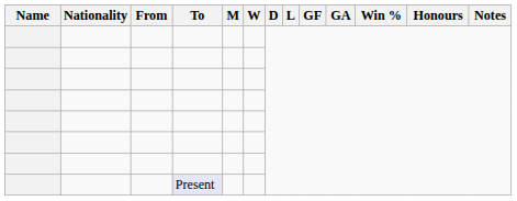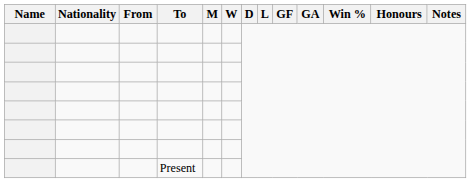 <table class="wikitable plainrowheaders sortable" style="text-align:center">
 <tr>
 <th width=11%>Name</th>
 <th width=11%>Nationality</th>
 <th>From</th>
 <th>To</th>
 <th>M</th>
 <th>W</th>
 <th>D</th>
 <th>L</th>
 <th>GF</th>
 <th>GA</th>
 <th>Win %</th>
 <th class="unsortable">Honours</th>
 <th class="unsortable">Notes</th>
 </tr>
 <tr>
 <th scope=row style=text-align:left></th>
 <td align=left></td>
 <td align=left></td>
 <td align=left><br></td>
 <td></td>
 <td></td>
 </tr>
 <tr>
 <th scope=row style=text-align:left></th>
 <td align=left></td>
 <td align=left></td>
 <td align=left><br></td>
 <td></td>
 <td></td>
 </tr>
 <tr>
 <th scope=row style=text-align:left></th>
 <td align=left></td>
 <td align=left></td>
 <td align=left><br></td>
 <td></td>
 <td></td>
 </tr>
 <tr>
 <th scope=row style=text-align:left></th>
 <td align=left></td>
 <td align=left></td>
 <td align=left><br></td>
 <td></td>
 <td></td>
 </tr>
 <tr>
 <th scope=row style=text-align:left></th>
 <td align=left></td>
 <td align=left></td>
 <td align=left><br></td>
 <td></td>
 <td></td>
 </tr>
 <tr>
 <th scope=row style=text-align:left></th>
 <td align=left></td>
 <td align=left></td>
 <td align=left><br></td>
 <td></td>
 <td></td>
 </tr>
 <tr>
 <th scope=row style=text-align:left></th>
 <td align=left></td>
 <td align=left></td>
 <td align=left><br></td>
 <td></td>
 <td></td>
 </tr>
 <tr>
 <th scope=row style=text-align:left></th>
 <td align=left></td>
 <td align=left></td>
-<td align=left style="background: lavender;">Present<br></td>
+<td align=left>Present<br></td>
 <td></td>
 <td></td>
 </tr>
 </table>
